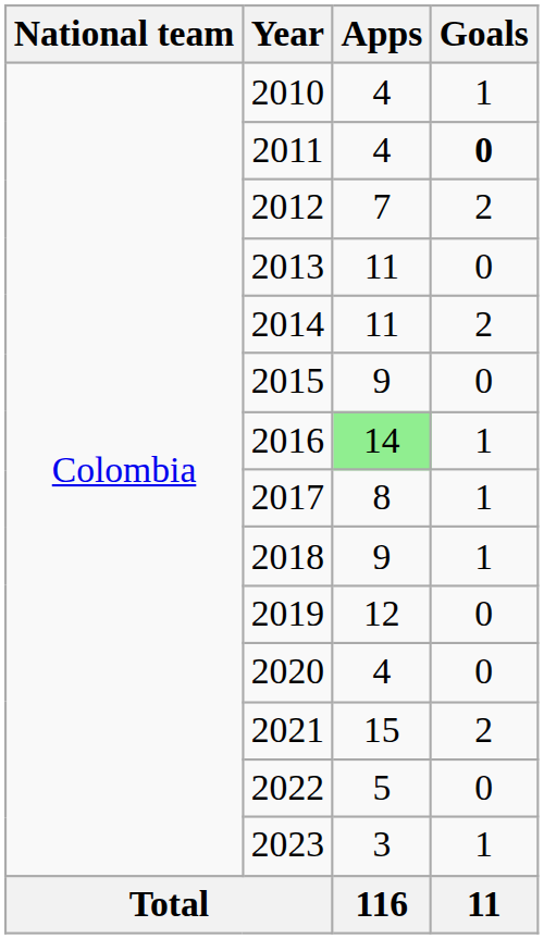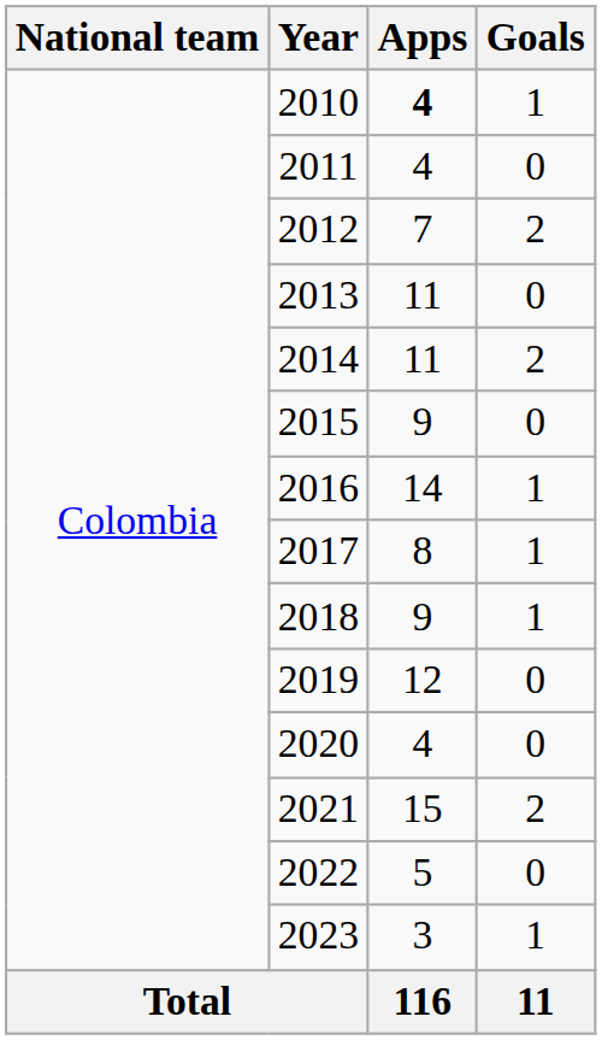 <table class="wikitable" style="text-align:center">
 <tr>
 <th>National team</th>
 <th>Year</th>
 <th>Apps</th>
 <th>Goals</th>
 </tr>
 <tr>
 <td rowspan="14"><a href='#'>Colombia</a></td>
 <td>2010</td>
-<td>4</td>
+<td><strong>4</strong></td>
 <td>1</td>
 </tr>
 <tr>
 <td>2011</td>
 <td>4</td>
-<td><strong>0</strong></td>
+<td>0</td>
 </tr>
 <tr>
 <td>2012</td>
 <td>7</td>
 <td>2</td>
 </tr>
 <tr>
 <td>2013</td>
 <td>11</td>
 <td>0</td>
 </tr>
 <tr>
 <td>2014</td>
 <td>11</td>
 <td>2</td>
 </tr>
 <tr>
 <td>2015</td>
 <td>9</td>
 <td>0</td>
 </tr>
 <tr>
 <td>2016</td>
-<td style="background: lightgreen;">14</td>
+<td>14</td>
 <td>1</td>
 </tr>
 <tr>
 <td>2017</td>
 <td>8</td>
 <td>1</td>
 </tr>
 <tr>
 <td>2018</td>
 <td>9</td>
 <td>1</td>
 </tr>
 <tr>
 <td>2019</td>
 <td>12</td>
 <td>0</td>
 </tr>
 <tr>
 <td>2020</td>
 <td>4</td>
 <td>0</td>
 </tr>
 <tr>
 <td>2021</td>
 <td>15</td>
 <td>2</td>
 </tr>
 <tr>
 <td>2022</td>
 <td>5</td>
 <td>0</td>
 </tr>
 <tr>
 <td>2023</td>
 <td>3</td>
 <td>1</td>
 </tr>
 <tr>
 <th colspan="2">Total</th>
 <th>116</th>
 <th>11</th>
 </tr>
 </table>
